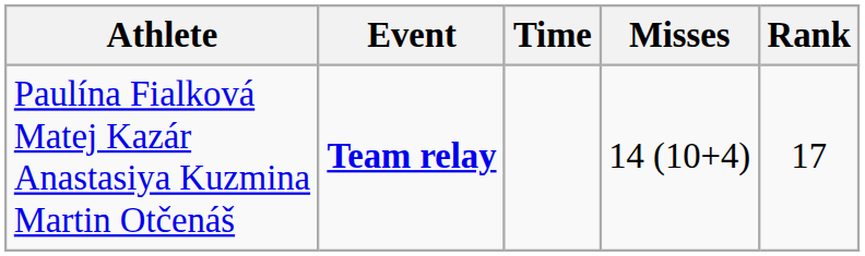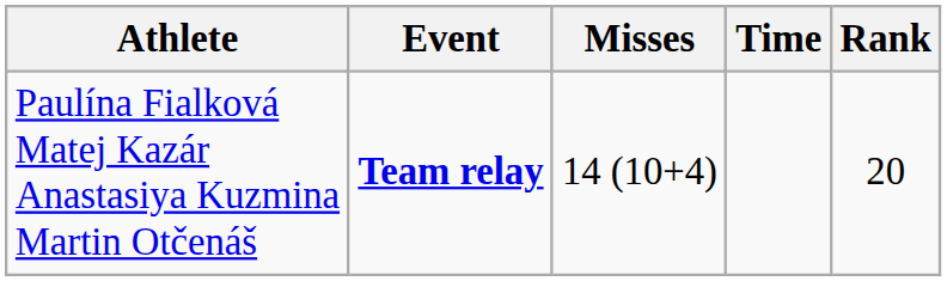 <table class="wikitable" style="font-size:90%">
 <tr>
 <th>Athlete</th>
 <th>Event</th>
+<th>Misses</th>
 <th>Time</th>
-<th>Misses</th>
 <th>Rank</th>
 </tr>
 <tr align=center>
 <td align=left><a href='#'>Paulína Fialková</a><br><a href='#'>Matej Kazár</a><br><a href='#'>Anastasiya Kuzmina</a><br><a href='#'>Martin Otčenáš</a></td>
 <td align=left><strong><a href='#'>Team relay</a></strong></td>
+<td>14 (10+4)</td>
 <td></td>
-<td>14 (10+4)</td>
-<td>17</td>
+<td>20</td>
 </tr>
 </table>
